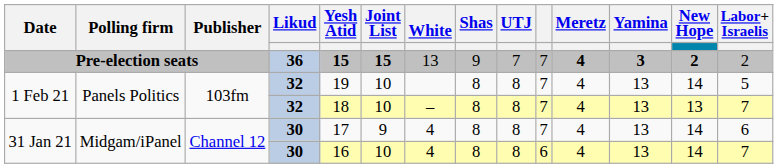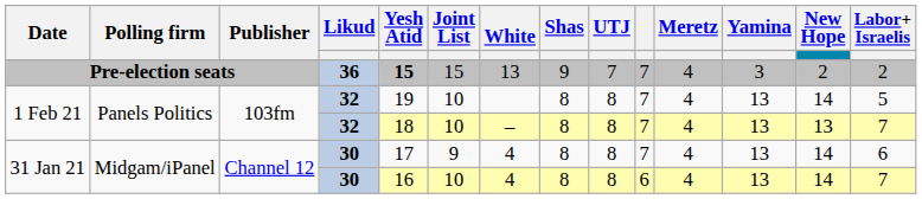 <table class="wikitable sortable" style=text-align:center;font-size:90%;line-height:13px>
 <tr>
 <th rowspan=2>Date</th>
 <th rowspan=2>Polling firm</th>
 <th rowspan=2>Publisher</th>
 <th><a href='#'>Likud</a></th>
 <th><a href='#'>Yesh<br>Atid</a></th>
 <th><a href='#'>Joint<br>List</a></th>
 <th><a href='#'><br>White</a></th>
 <th><a href='#'>Shas</a></th>
 <th><a href='#'>UTJ</a></th>
 <th><a href='#'></a></th>
 <th><a href='#'>Meretz</a></th>
 <th><a href='#'>Yamina</a></th>
 <th><a href='#'>New<br>Hope</a></th>
 <th style=font-size:90%><a href='#'>Labor</a>+<br><a href='#'>Israelis</a></th>
 </tr>
 <tr>
 <th style=background:></th>
 <th style=background:></th>
 <th style=background:></th>
 <th style=background:></th>
 <th style=background:></th>
 <th style=background:></th>
 <th style=background:></th>
 <th style=background:></th>
 <th style=background:></th>
 <th style=background:#0086AC></th>
 <th style=background:></th>
 </tr>
 <tr style=background:silver>
 <td colspan=3><strong>Pre-election seats</strong></td>
 <td style=background:#BBCDE4><strong>36</strong>	</td>
 <td><strong>15					</strong></td>
-<td><strong>15					</strong></td>
+<td>15					</td>
 <td>13					</td>
 <td>9					</td>
 <td>7					</td>
 <td>7					</td>
-<td><strong>4					</strong></td>
-<td><strong>3					</strong></td>
-<td><strong>2					</strong></td>
+<td>4					</td>
+<td>3					</td>
+<td>2					</td>
 <td>2					</td>
 </tr>
 <tr>
 <td rowspan=2 data-sort-value=2021-02-01>1 Feb 21</td>
 <td rowspan=2>Panels Politics</td>
 <td rowspan=2>103fm</td>
 <td style=background:#BBCDE4><strong>32</strong>	</td>
 <td>19					</td>
 <td>10</td>
 <td>	</td>
 <td>8					</td>
 <td>8					</td>
 <td>7					</td>
 <td>4					</td>
 <td>13					</td>
 <td>14					</td>
 <td>5					</td>
 </tr>
 <tr style=background:#fffdb0>
 <td style=background:#BBCDE4><strong>32</strong>	</td>
 <td>18					</td>
 <td>10</td>
 <td>–					</td>
 <td>8					</td>
 <td>8					</td>
 <td>7					</td>
 <td>4					</td>
 <td>13					</td>
 <td>13					</td>
 <td>7					</td>
 </tr>
 <tr>
 <td rowspan=2 data-sort-value=2021-01-31>31 Jan 21</td>
 <td rowspan=2>Midgam/iPanel</td>
 <td rowspan=2><a href='#'>Channel 12</a></td>
 <td style=background:#BBCDE4><strong>30</strong>	</td>
 <td>17					</td>
 <td>9</td>
 <td>4					</td>
 <td>8					</td>
 <td>8					</td>
 <td>7					</td>
 <td>4					</td>
 <td>13					</td>
 <td>14					</td>
 <td>6					</td>
 </tr>
 <tr style=background:#fffdb0>
 <td style=background:#BBCDE4><strong>30</strong>	</td>
 <td>16					</td>
 <td>10					</td>
 <td>4					</td>
 <td>8					</td>
 <td>8					</td>
 <td>6					</td>
 <td>4					</td>
 <td>13					</td>
 <td>14					</td>
 <td>7					</td>
 </tr>
 </table>
